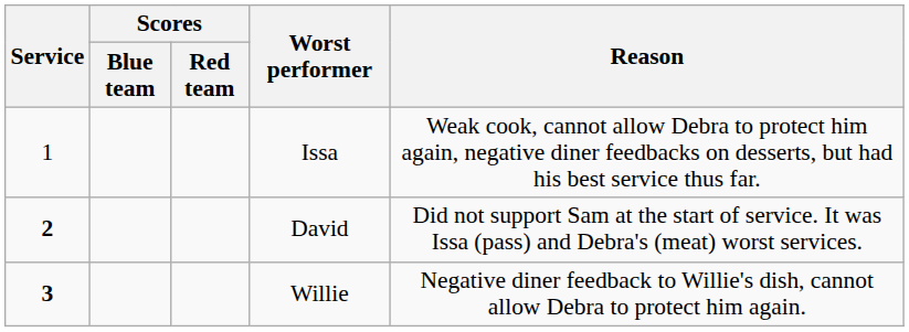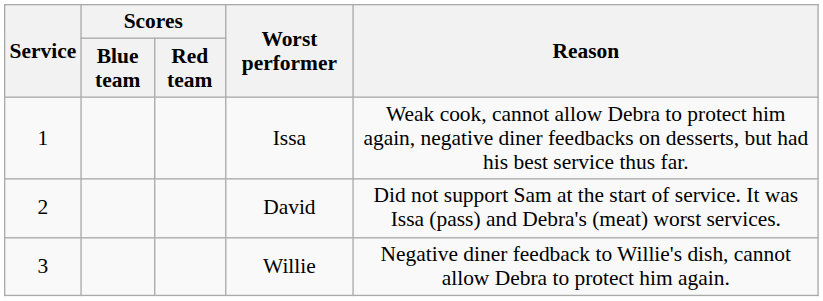 <table class="wikitable plainrowheaders" style="text-align:center;">
 <tr>
 <th rowspan="2">Service</th>
 <th colspan="2">Scores</th>
 <th rowspan="2">Worst performer</th>
 <th rowspan="2">Reason</th>
 </tr>
 <tr>
 <th>Blue team</th>
 <th>Red team</th>
 </tr>
 <tr>
 <td>1</td>
 <td></td>
 <td></td>
 <td>Issa</td>
 <td>Weak cook, cannot allow Debra to protect him again, negative diner feedbacks on desserts, but had his best service thus far.</td>
 </tr>
 <tr>
-<td><strong>2</strong></td>
+<td>2</td>
 <td></td>
 <td></td>
 <td>David</td>
 <td>Did not support Sam at the start of service. It was Issa (pass) and Debra's (meat) worst services.</td>
 </tr>
 <tr>
-<td><strong>3</strong></td>
+<td>3</td>
 <td></td>
 <td></td>
 <td>Willie</td>
 <td>Negative diner feedback to Willie's dish, cannot allow Debra to protect him again.</td>
 </tr>
 </table>
